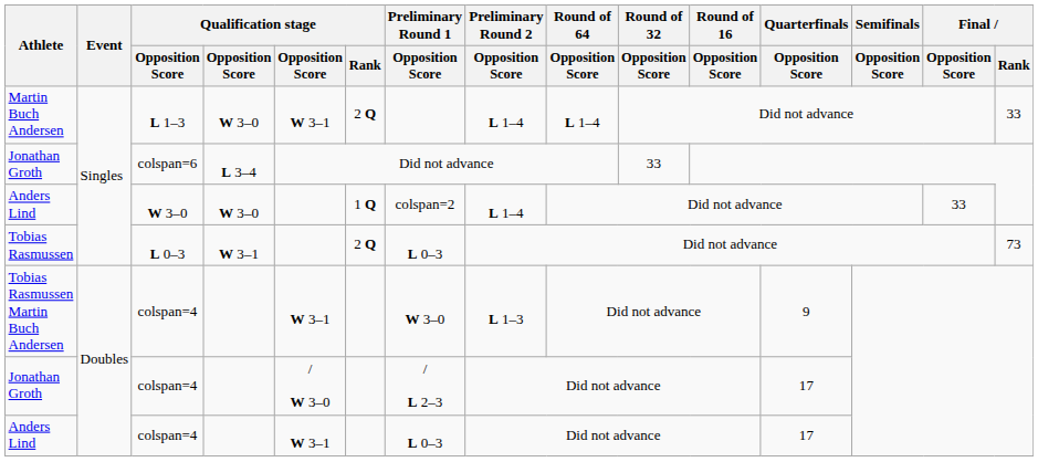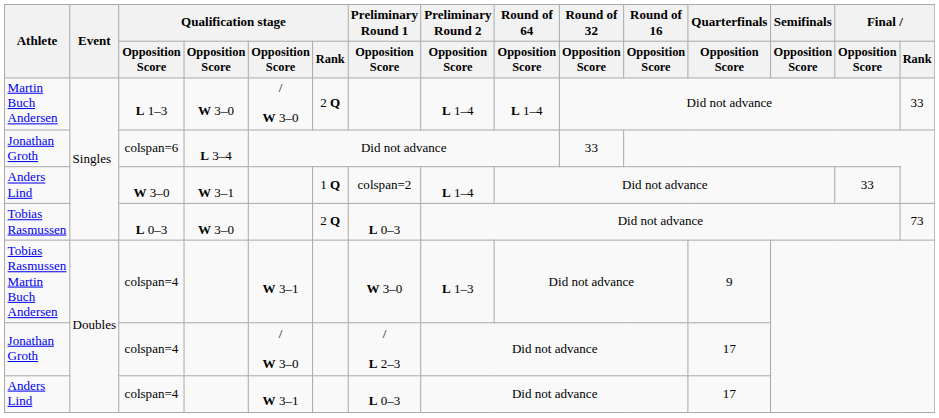 <table class=wikitable style=font-size:80%;text-align:center>
 <tr>
 <th rowspan=2>Athlete</th>
 <th rowspan=2>Event</th>
 <th colspan=4>Qualification stage</th>
 <th>Preliminary Round 1</th>
 <th>Preliminary Round 2</th>
 <th>Round of 64</th>
 <th>Round of 32</th>
 <th>Round of 16</th>
 <th>Quarterfinals</th>
 <th>Semifinals</th>
 <th colspan=2>Final / </th>
 </tr>
 <tr style=font-size:95%>
 <th>Opposition<br>Score</th>
 <th>Opposition<br>Score</th>
 <th>Opposition<br>Score</th>
 <th>Rank</th>
 <th>Opposition<br>Score</th>
 <th>Opposition<br>Score</th>
 <th>Opposition<br>Score</th>
 <th>Opposition<br>Score</th>
 <th>Opposition<br>Score</th>
 <th>Opposition<br>Score</th>
 <th>Opposition<br>Score</th>
 <th>Opposition<br>Score</th>
 <th>Rank</th>
 </tr>
 <tr align=center>
 <td align=left><a href='#'>Martin Buch Andersen</a></td>
 <td align=left rowspan=4>Singles</td>
 <td><br><strong>L</strong> 1–3</td>
 <td><br><strong>W</strong> 3–0</td>
-<td><br><strong>W</strong> 3–1</td>
+<td> /<br><br><strong>W</strong> 3–0</td>
 <td>2 <strong>Q</strong></td>
 <td></td>
 <td><br><strong>L</strong> 1–4</td>
 <td><br><strong>L</strong> 1–4</td>
 <td colspan=5>Did not advance</td>
 <td>33</td>
 </tr>
 <tr align=center>
 <td align=left><a href='#'>Jonathan Groth</a></td>
 <td>colspan=6</td>
 <td><br><strong>L</strong> 3–4</td>
 <td colspan=5>Did not advance</td>
 <td>33</td>
 </tr>
 <tr align=center>
 <td align=left><a href='#'>Anders Lind</a></td>
 <td><br><strong>W</strong> 3–0</td>
-<td><br><strong>W</strong> 3–0</td>
+<td><br><strong>W</strong> 3–1</td>
 <td></td>
 <td>1 <strong>Q</strong></td>
 <td>colspan=2</td>
 <td><br><strong>L</strong> 1–4</td>
 <td colspan=5>Did not advance</td>
 <td>33</td>
 </tr>
 <tr align=center>
 <td align=left><a href='#'>Tobias Rasmussen</a></td>
 <td><br><strong>L</strong> 0–3</td>
-<td><br><strong>W</strong> 3–1</td>
+<td><br><strong>W</strong> 3–0</td>
 <td></td>
 <td>2 <strong>Q</strong></td>
 <td><br><strong>L</strong> 0–3</td>
 <td colspan=7>Did not advance</td>
 <td>73</td>
 </tr>
 <tr align=center>
 <td align=left><a href='#'>Tobias Rasmussen</a><br><a href='#'>Martin Buch Andersen</a></td>
 <td rowspan=3>Doubles</td>
 <td>colspan=4</td>
 <td></td>
 <td><br><strong>W</strong> 3–1</td>
 <td></td>
 <td><br><strong>W</strong> 3–0</td>
 <td><br><strong>L</strong> 1–3</td>
 <td colspan=3>Did not advance</td>
 <td>9</td>
 </tr>
 <tr align=center>
 <td align=left><a href='#'>Jonathan Groth</a><br></td>
 <td>colspan=4</td>
 <td></td>
 <td> /<br><br><strong>W</strong> 3–0</td>
 <td></td>
 <td> /<br><br><strong>L</strong> 2–3</td>
 <td colspan=4>Did not advance</td>
 <td>17</td>
 </tr>
 <tr align=center>
 <td align=left><a href='#'>Anders Lind</a><br></td>
 <td>colspan=4</td>
 <td></td>
 <td><br><strong>W</strong> 3–1</td>
 <td></td>
 <td><br><strong>L</strong> 0–3</td>
 <td colspan=4>Did not advance</td>
 <td>17</td>
 </tr>
 </table>
